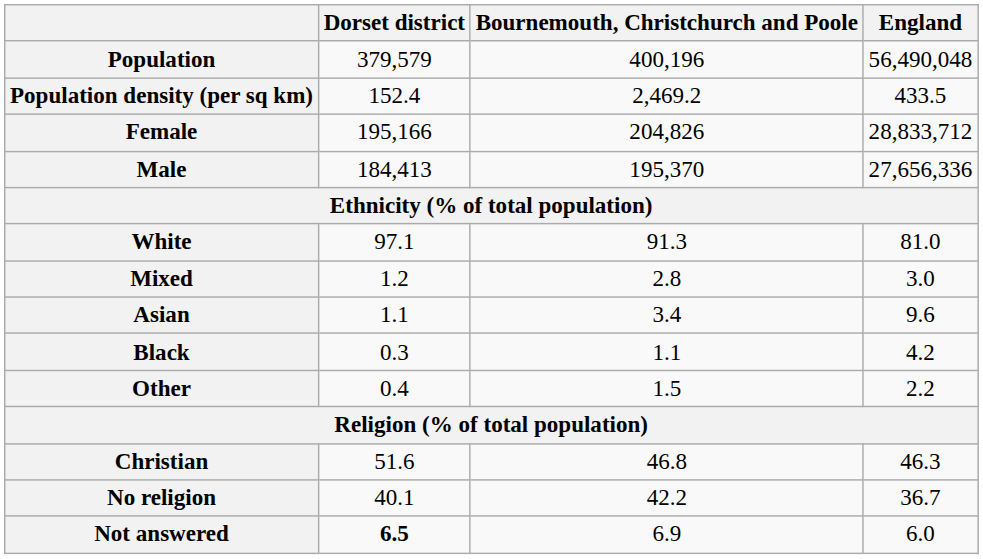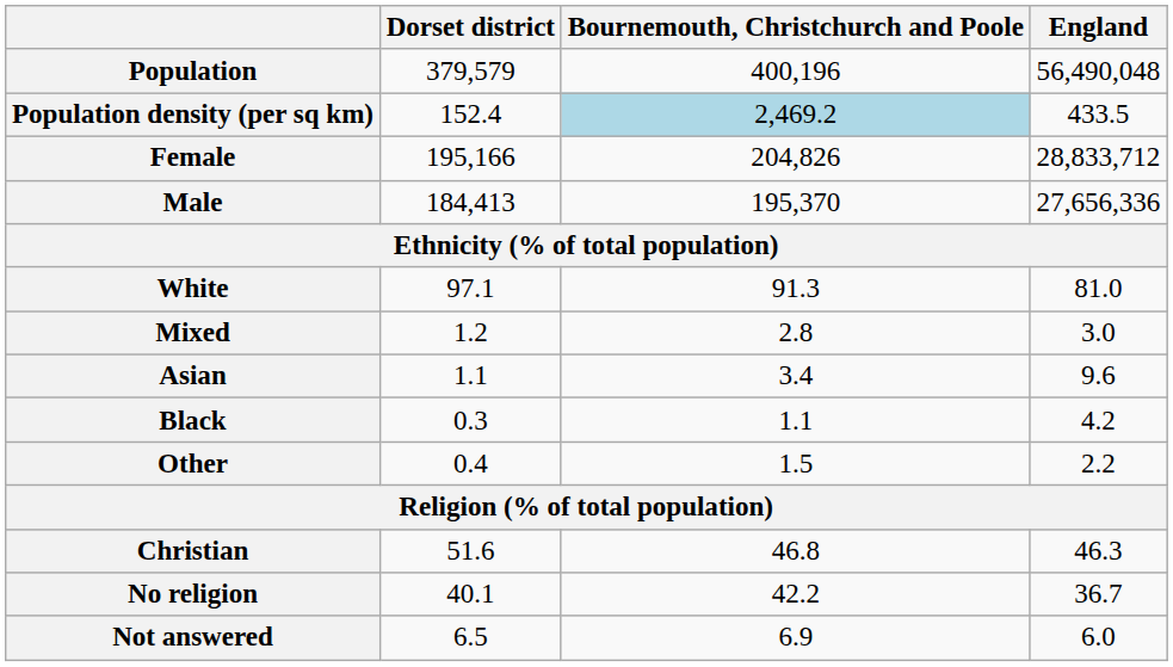 <table class="wikitable" style="text-align:center;">
 <tr>
 <th></th>
 <th scope="col">Dorset district</th>
 <th scope="col">Bournemouth, Christchurch and Poole</th>
 <th scope="col">England</th>
 </tr>
 <tr>
 <th scope="row">Population</th>
 <td>379,579</td>
 <td>400,196</td>
 <td>56,490,048</td>
 </tr>
 <tr>
 <th scope="row">Population density (per sq km)</th>
 <td>152.4</td>
-<td>2,469.2</td>
+<td style="background: lightblue;">2,469.2</td>
 <td>433.5</td>
 </tr>
 <tr>
 <th scope="row">Female</th>
 <td>195,166</td>
 <td>204,826</td>
 <td>28,833,712</td>
 </tr>
 <tr>
 <th scope="row">Male</th>
 <td>184,413</td>
 <td>195,370</td>
 <td>27,656,336</td>
 </tr>
 <tr>
 <th scope="row" colspan="5">Ethnicity (% of total population)</th>
 </tr>
 <tr>
 <th scope="row">White</th>
 <td>97.1</td>
 <td>91.3</td>
 <td>81.0</td>
 </tr>
 <tr>
 <th scope="row">Mixed</th>
 <td>1.2</td>
 <td>2.8</td>
 <td>3.0</td>
 </tr>
 <tr>
 <th scope="row">Asian</th>
 <td>1.1</td>
 <td>3.4</td>
 <td>9.6</td>
 </tr>
 <tr>
 <th scope="row">Black</th>
 <td>0.3</td>
 <td>1.1</td>
 <td>4.2</td>
 </tr>
 <tr>
 <th scope="row">Other</th>
 <td>0.4</td>
 <td>1.5</td>
 <td>2.2</td>
 </tr>
 <tr>
 <th scope="row" colspan="5">Religion (% of total population)</th>
 </tr>
 <tr>
 <th scope="row">Christian</th>
 <td>51.6</td>
 <td>46.8</td>
 <td>46.3</td>
 </tr>
 <tr>
 <th scope="row">No religion</th>
 <td>40.1</td>
 <td>42.2</td>
 <td>36.7</td>
 </tr>
 <tr>
 <th scope="row">Not answered</th>
-<td><strong>6.5</strong></td>
+<td>6.5</td>
 <td>6.9</td>
 <td>6.0</td>
 </tr>
 </table>
